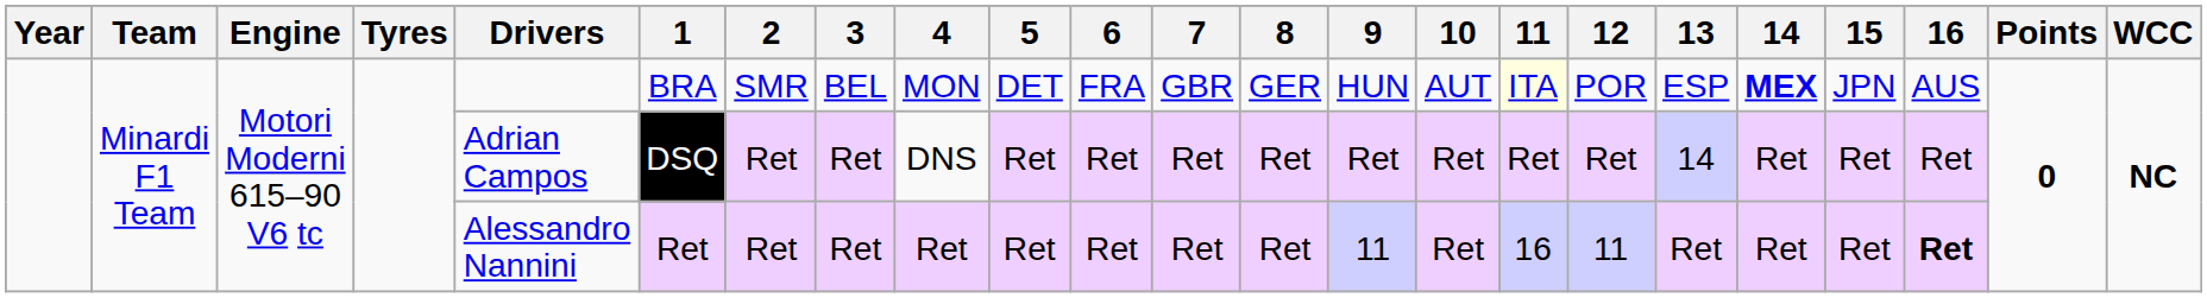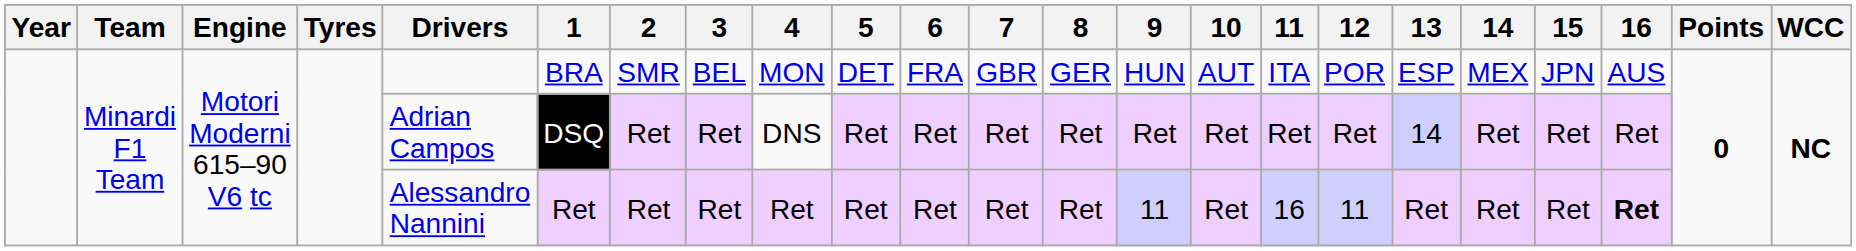 <table class="wikitable" style="text-align:center; font-size:95%">
 <tr>
 <th>Year</th>
 <th>Team</th>
 <th>Engine</th>
 <th>Tyres</th>
 <th>Drivers</th>
 <th>1</th>
 <th>2</th>
 <th>3</th>
 <th>4</th>
 <th>5</th>
 <th>6</th>
 <th>7</th>
 <th>8</th>
 <th>9</th>
 <th>10</th>
 <th>11</th>
 <th>12</th>
 <th>13</th>
 <th>14</th>
 <th>15</th>
 <th>16</th>
 <th>Points</th>
 <th>WCC</th>
 </tr>
 <tr>
 <td rowspan="3"></td>
 <td rowspan="3"><a href='#'>Minardi F1 Team</a></td>
 <td rowspan="3"><a href='#'>Motori Moderni</a> 615–90<br><a href='#'>V6</a> <a href='#'>tc</a></td>
 <td rowspan="3"></td>
 <td></td>
 <td><a href='#'>BRA</a></td>
 <td><a href='#'>SMR</a></td>
 <td><a href='#'>BEL</a></td>
 <td><a href='#'>MON</a></td>
 <td><a href='#'>DET</a></td>
 <td><a href='#'>FRA</a></td>
 <td><a href='#'>GBR</a></td>
 <td><a href='#'>GER</a></td>
 <td><a href='#'>HUN</a></td>
 <td><a href='#'>AUT</a></td>
-<td style="background: lightyellow;"><a href='#'>ITA</a></td>
+<td><a href='#'>ITA</a></td>
 <td><a href='#'>POR</a></td>
 <td><a href='#'>ESP</a></td>
-<td><strong><a href='#'>MEX</a></strong></td>
+<td><a href='#'>MEX</a></td>
 <td><a href='#'>JPN</a></td>
 <td><a href='#'>AUS</a></td>
 <td rowspan="3"><strong>0</strong></td>
 <td rowspan="3"><strong>NC</strong></td>
 </tr>
 <tr>
 <td align="left"> <a href='#'>Adrian Campos</a></td>
 <td style="background:#000; color:white;">DSQ</td>
 <td style="background:#efcfff;">Ret</td>
 <td style="background:#efcfff;">Ret</td>
 <td>DNS</td>
 <td style="background:#efcfff;">Ret</td>
 <td style="background:#efcfff;">Ret</td>
 <td style="background:#efcfff;">Ret</td>
 <td style="background:#efcfff;">Ret</td>
 <td style="background:#efcfff;">Ret</td>
 <td style="background:#efcfff;">Ret</td>
 <td style="background:#efcfff;">Ret</td>
 <td style="background:#efcfff;">Ret</td>
 <td style="background:#cfcfff;">14</td>
 <td style="background:#efcfff;">Ret</td>
 <td style="background:#efcfff;">Ret</td>
 <td style="background:#efcfff;">Ret</td>
 </tr>
 <tr>
 <td align="left"> <a href='#'>Alessandro Nannini</a></td>
 <td style="background:#efcfff;">Ret</td>
 <td style="background:#efcfff;">Ret</td>
 <td style="background:#efcfff;">Ret</td>
 <td style="background:#efcfff;">Ret</td>
 <td style="background:#efcfff;">Ret</td>
 <td style="background:#efcfff;">Ret</td>
 <td style="background:#efcfff;">Ret</td>
 <td style="background:#efcfff;">Ret</td>
 <td style="background:#cfcfff;">11</td>
 <td style="background:#efcfff;">Ret</td>
 <td style="background:#cfcfff;">16</td>
 <td style="background:#cfcfff;">11</td>
 <td style="background:#efcfff;">Ret</td>
 <td style="background:#efcfff;">Ret</td>
 <td style="background:#efcfff;">Ret</td>
 <td style="background:#efcfff;"><strong>Ret</strong></td>
 </tr>
 </table>
